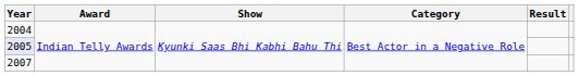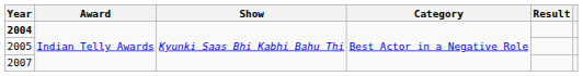 <table class="wikitable sortable">
 <tr>
 <th>Year</th>
 <th>Award</th>
 <th>Show</th>
 <th>Category</th>
 <th>Result</th>
 <th></th>
 </tr>
 <tr>
-<td>2004</td>
+<td><strong>2004</strong></td>
 <td rowspan="3"><a href='#'>Indian Telly Awards</a></td>
 <td rowspan="3"><em><a href='#'>Kyunki Saas Bhi Kabhi Bahu Thi</a></em></td>
 <td rowspan="3"><a href='#'>Best Actor in a Negative Role</a></td>
 <td></td>
 <td></td>
 </tr>
 <tr>
-<td style="background: lavender;">2005</td>
+<td>2005</td>
 <td></td>
 <td></td>
 </tr>
 <tr>
 <td>2007</td>
 <td></td>
 <td></td>
 </tr>
 </table>
